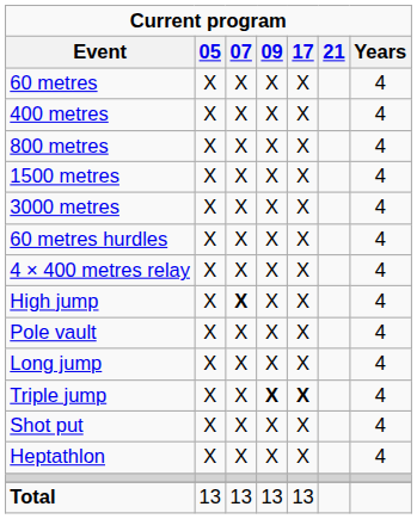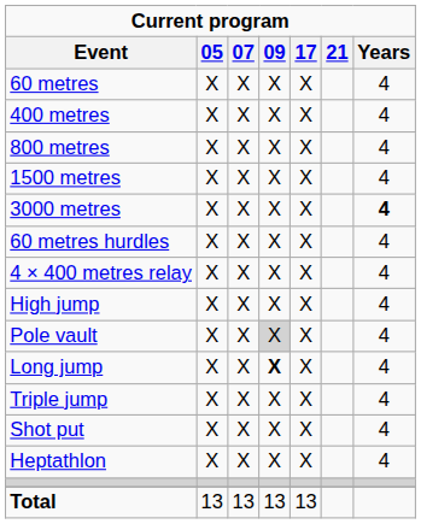 <table class="wikitable">
 <tr align=center>
 <td colspan=7 align=center><strong>Current program</strong></td>
 </tr>
 <tr align=center>
 <th>Event</th>
 <th><a href='#'>05</a></th>
 <th><a href='#'>07</a></th>
 <th><a href='#'>09</a></th>
 <th><a href='#'>17</a></th>
 <th><a href='#'>21</a></th>
 <th>Years</th>
 </tr>
 <tr align=center>
 <td align=left><a href='#'>60 metres</a></td>
 <td>X</td>
 <td>X</td>
 <td>X</td>
 <td>X</td>
 <td></td>
 <td>4</td>
 </tr>
 <tr align=center>
 <td align=left><a href='#'>400 metres</a></td>
 <td>X</td>
 <td>X</td>
 <td>X</td>
 <td>X</td>
 <td></td>
 <td>4</td>
 </tr>
 <tr align=center>
 <td align=left><a href='#'>800 metres</a></td>
 <td>X</td>
 <td>X</td>
 <td>X</td>
 <td>X</td>
 <td></td>
 <td>4</td>
 </tr>
 <tr align=center>
 <td align=left><a href='#'>1500 metres</a></td>
 <td>X</td>
 <td>X</td>
 <td>X</td>
 <td>X</td>
 <td></td>
 <td>4</td>
 </tr>
 <tr align=center>
 <td align=left><a href='#'>3000 metres</a></td>
 <td>X</td>
 <td>X</td>
 <td>X</td>
 <td>X</td>
 <td></td>
-<td>4</td>
+<td><strong>4</strong></td>
 </tr>
 <tr align=center>
 <td align=left><a href='#'>60 metres hurdles</a></td>
 <td>X</td>
 <td>X</td>
 <td>X</td>
 <td>X</td>
 <td></td>
 <td>4</td>
 </tr>
 <tr align=center>
 <td align=left><a href='#'>4 × 400 metres relay</a></td>
 <td>X</td>
 <td>X</td>
 <td>X</td>
 <td>X</td>
 <td></td>
 <td>4</td>
 </tr>
 <tr align=center>
 <td align=left><a href='#'>High jump</a></td>
 <td>X</td>
-<td><strong>X</strong></td>
+<td>X</td>
 <td>X</td>
 <td>X</td>
 <td></td>
 <td>4</td>
 </tr>
 <tr align=center>
 <td align=left><a href='#'>Pole vault</a></td>
 <td>X</td>
 <td>X</td>
-<td>X</td>
+<td style="background: lightgrey;">X</td>
 <td>X</td>
 <td></td>
 <td>4</td>
 </tr>
 <tr align=center>
 <td align=left><a href='#'>Long jump</a></td>
 <td>X</td>
 <td>X</td>
-<td>X</td>
+<td><strong>X</strong></td>
 <td>X</td>
 <td></td>
 <td>4</td>
 </tr>
 <tr align=center>
 <td align=left><a href='#'>Triple jump</a></td>
 <td>X</td>
 <td>X</td>
-<td><strong>X</strong></td>
-<td><strong>X</strong></td>
+<td>X</td>
+<td>X</td>
 <td></td>
 <td>4</td>
 </tr>
 <tr align=center>
 <td align=left><a href='#'>Shot put</a></td>
 <td>X</td>
 <td>X</td>
 <td>X</td>
 <td>X</td>
 <td></td>
 <td>4</td>
 </tr>
 <tr align=center>
 <td align=left><a href='#'>Heptathlon</a></td>
 <td>X</td>
 <td>X</td>
 <td>X</td>
 <td>X</td>
 <td></td>
 <td>4</td>
 </tr>
 <tr bgcolor=lightgray>
 <td></td>
 <td></td>
 <td></td>
 <td></td>
 <td></td>
 <td></td>
 <td></td>
 </tr>
 <tr>
 </tr>
 <tr align=center>
 <td align=left><strong>Total</strong></td>
 <td>13</td>
 <td>13</td>
 <td>13</td>
 <td>13</td>
 <td></td>
 <td></td>
 </tr>
 </table>
